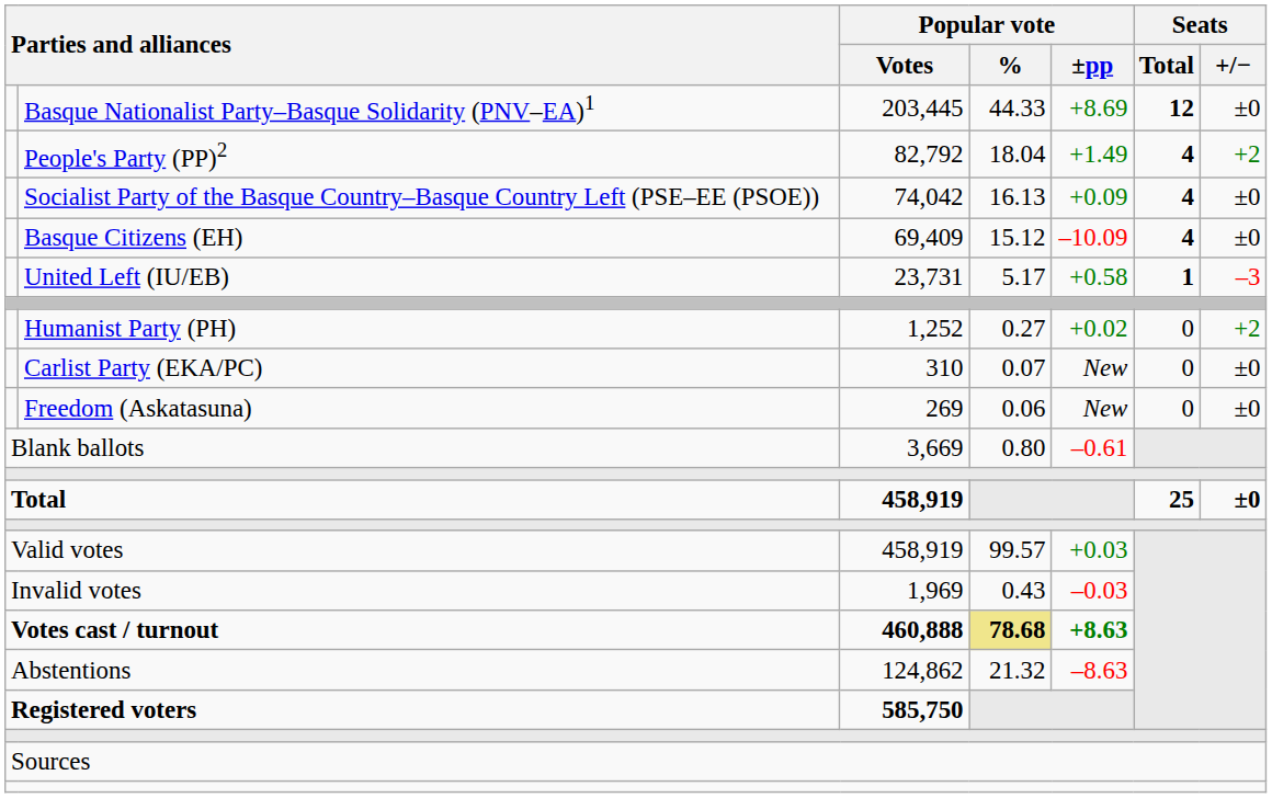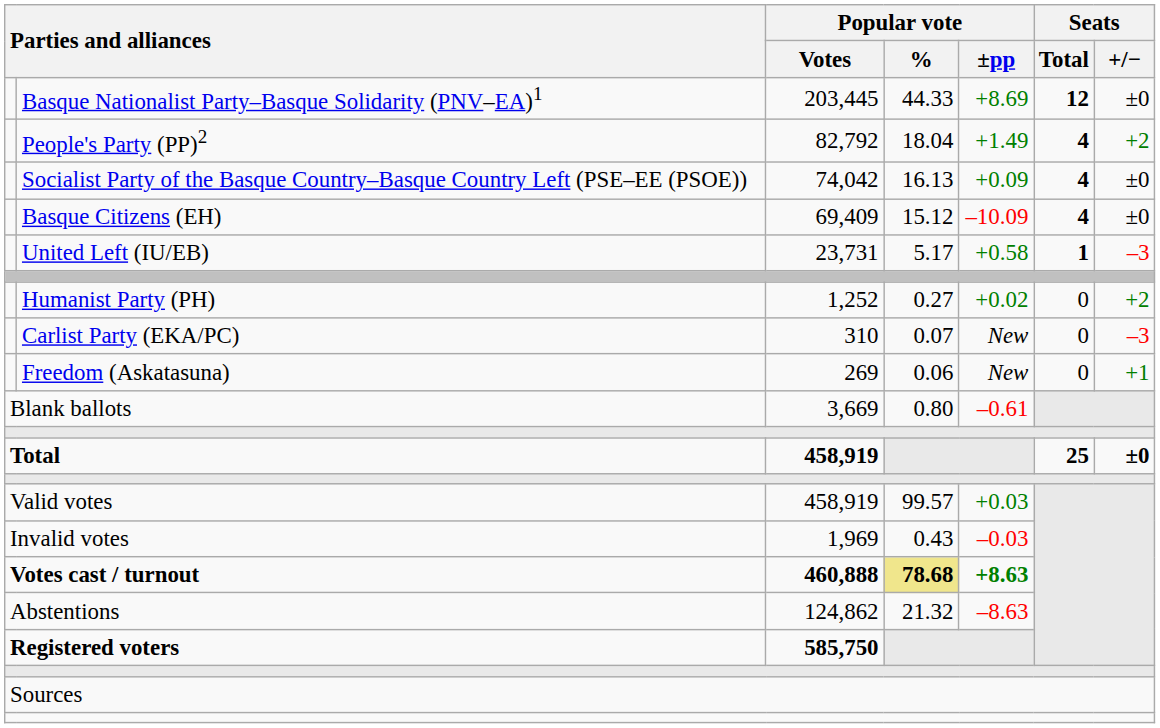 <table class="wikitable" style="text-align:right;">
 <tr>
 <th style="text-align:left;" rowspan="2" colspan="2" width="525">Parties and alliances</th>
 <th colspan="3">Popular vote</th>
 <th colspan="2">Seats</th>
 </tr>
 <tr>
 <th width="75">Votes</th>
 <th width="45">%</th>
 <th width="45">±<a href='#'>pp</a></th>
 <th width="35">Total</th>
 <th width="35">+/−</th>
 </tr>
 <tr>
 <td width="1" style="color:inherit;background:"></td>
 <td align="left"><a href='#'>Basque Nationalist Party–Basque Solidarity</a> (<a href='#'>PNV</a>–<a href='#'>EA</a>)<sup>1</sup></td>
 <td>203,445</td>
 <td>44.33</td>
 <td style="color:green;">+8.69</td>
 <td><strong>12</strong></td>
 <td>±0</td>
 </tr>
 <tr>
 <td style="color:inherit;background:"></td>
 <td align="left"><a href='#'>People's Party</a> (PP)<sup>2</sup></td>
 <td>82,792</td>
 <td>18.04</td>
 <td style="color:green;">+1.49</td>
 <td><strong>4</strong></td>
 <td style="color:green;">+2</td>
 </tr>
 <tr>
 <td style="color:inherit;background:"></td>
 <td align="left"><a href='#'>Socialist Party of the Basque Country–Basque Country Left</a> (PSE–EE (PSOE))</td>
 <td>74,042</td>
 <td>16.13</td>
 <td style="color:green;">+0.09</td>
 <td><strong>4</strong></td>
 <td>±0</td>
 </tr>
 <tr>
 <td style="color:inherit;background:"></td>
 <td align="left"><a href='#'>Basque Citizens</a> (EH)</td>
 <td>69,409</td>
 <td>15.12</td>
 <td style="color:red;">–10.09</td>
 <td><strong>4</strong></td>
 <td>±0</td>
 </tr>
 <tr>
 <td style="color:inherit;background:"></td>
 <td align="left"><a href='#'>United Left</a> (IU/EB)</td>
 <td>23,731</td>
 <td>5.17</td>
 <td style="color:green;">+0.58</td>
 <td><strong>1</strong></td>
 <td style="color:red;">–3</td>
 </tr>
 <tr>
 <td colspan="7" bgcolor="#C0C0C0"></td>
 </tr>
 <tr>
 <td style="color:inherit;background:"></td>
 <td align="left"><a href='#'>Humanist Party</a> (PH)</td>
 <td>1,252</td>
 <td>0.27</td>
 <td style="color:green;">+0.02</td>
 <td>0</td>
 <td style="color:green;">+2</td>
 </tr>
 <tr>
 <td style="color:inherit;background:"></td>
 <td align="left"><a href='#'>Carlist Party</a> (EKA/PC)</td>
 <td>310</td>
 <td>0.07</td>
 <td><em>New</em></td>
 <td>0</td>
-<td>±0</td>
+<td style="color:red;">–3</td>
 </tr>
 <tr>
 <td style="color:inherit;background:"></td>
 <td align="left"><a href='#'>Freedom</a> (Askatasuna)</td>
 <td>269</td>
 <td>0.06</td>
 <td><em>New</em></td>
 <td>0</td>
-<td>±0</td>
+<td style="color:green;">+1</td>
 </tr>
 <tr>
 <td align="left" colspan="2">Blank ballots</td>
 <td>3,669</td>
 <td>0.80</td>
 <td style="color:red;">–0.61</td>
 <td bgcolor="#E9E9E9" colspan="2"></td>
 </tr>
 <tr>
 <td colspan="7" bgcolor="#E9E9E9"></td>
 </tr>
 <tr style="font-weight:bold;">
 <td align="left" colspan="2">Total</td>
 <td>458,919</td>
 <td bgcolor="#E9E9E9" colspan="2"></td>
 <td>25</td>
 <td>±0</td>
 </tr>
 <tr>
 <td colspan="7" bgcolor="#E9E9E9"></td>
 </tr>
 <tr>
 <td align="left" colspan="2">Valid votes</td>
 <td>458,919</td>
 <td>99.57</td>
 <td style="color:green;">+0.03</td>
 <td bgcolor="#E9E9E9" colspan="2" rowspan="5"></td>
 </tr>
 <tr>
 <td align="left" colspan="2">Invalid votes</td>
 <td>1,969</td>
 <td>0.43</td>
 <td style="color:red;">–0.03</td>
 </tr>
 <tr style="font-weight:bold;">
 <td align="left" colspan="2">Votes cast / turnout</td>
 <td>460,888</td>
 <td style="background: khaki;">78.68</td>
 <td style="color:green;">+8.63</td>
 </tr>
 <tr>
 <td align="left" colspan="2">Abstentions</td>
 <td>124,862</td>
 <td>21.32</td>
 <td style="color:red;">–8.63</td>
 </tr>
 <tr style="font-weight:bold;">
 <td align="left" colspan="2">Registered voters</td>
 <td>585,750</td>
 <td bgcolor="#E9E9E9" colspan="2"></td>
 </tr>
 <tr>
 <td colspan="7" bgcolor="#E9E9E9"></td>
 </tr>
 <tr>
 <td align="left" colspan="7">Sources</td>
 </tr>
 <tr>
 <td colspan="7" style="text-align:left; max-width:790px;"></td>
 </tr>
 </table>
